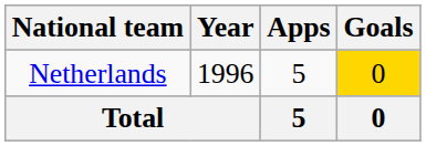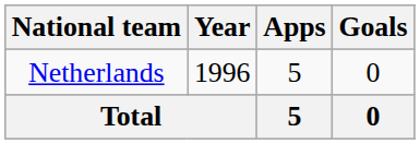 <table class="wikitable" style="text-align:center">
 <tr>
 <th>National team</th>
 <th>Year</th>
 <th>Apps</th>
 <th>Goals</th>
 </tr>
 <tr>
 <td><a href='#'>Netherlands</a></td>
 <td>1996</td>
 <td>5</td>
-<td style="background: gold;">0</td>
+<td>0</td>
 </tr>
 <tr>
 <th colspan="2">Total</th>
 <th>5</th>
 <th>0</th>
 </tr>
 </table>
